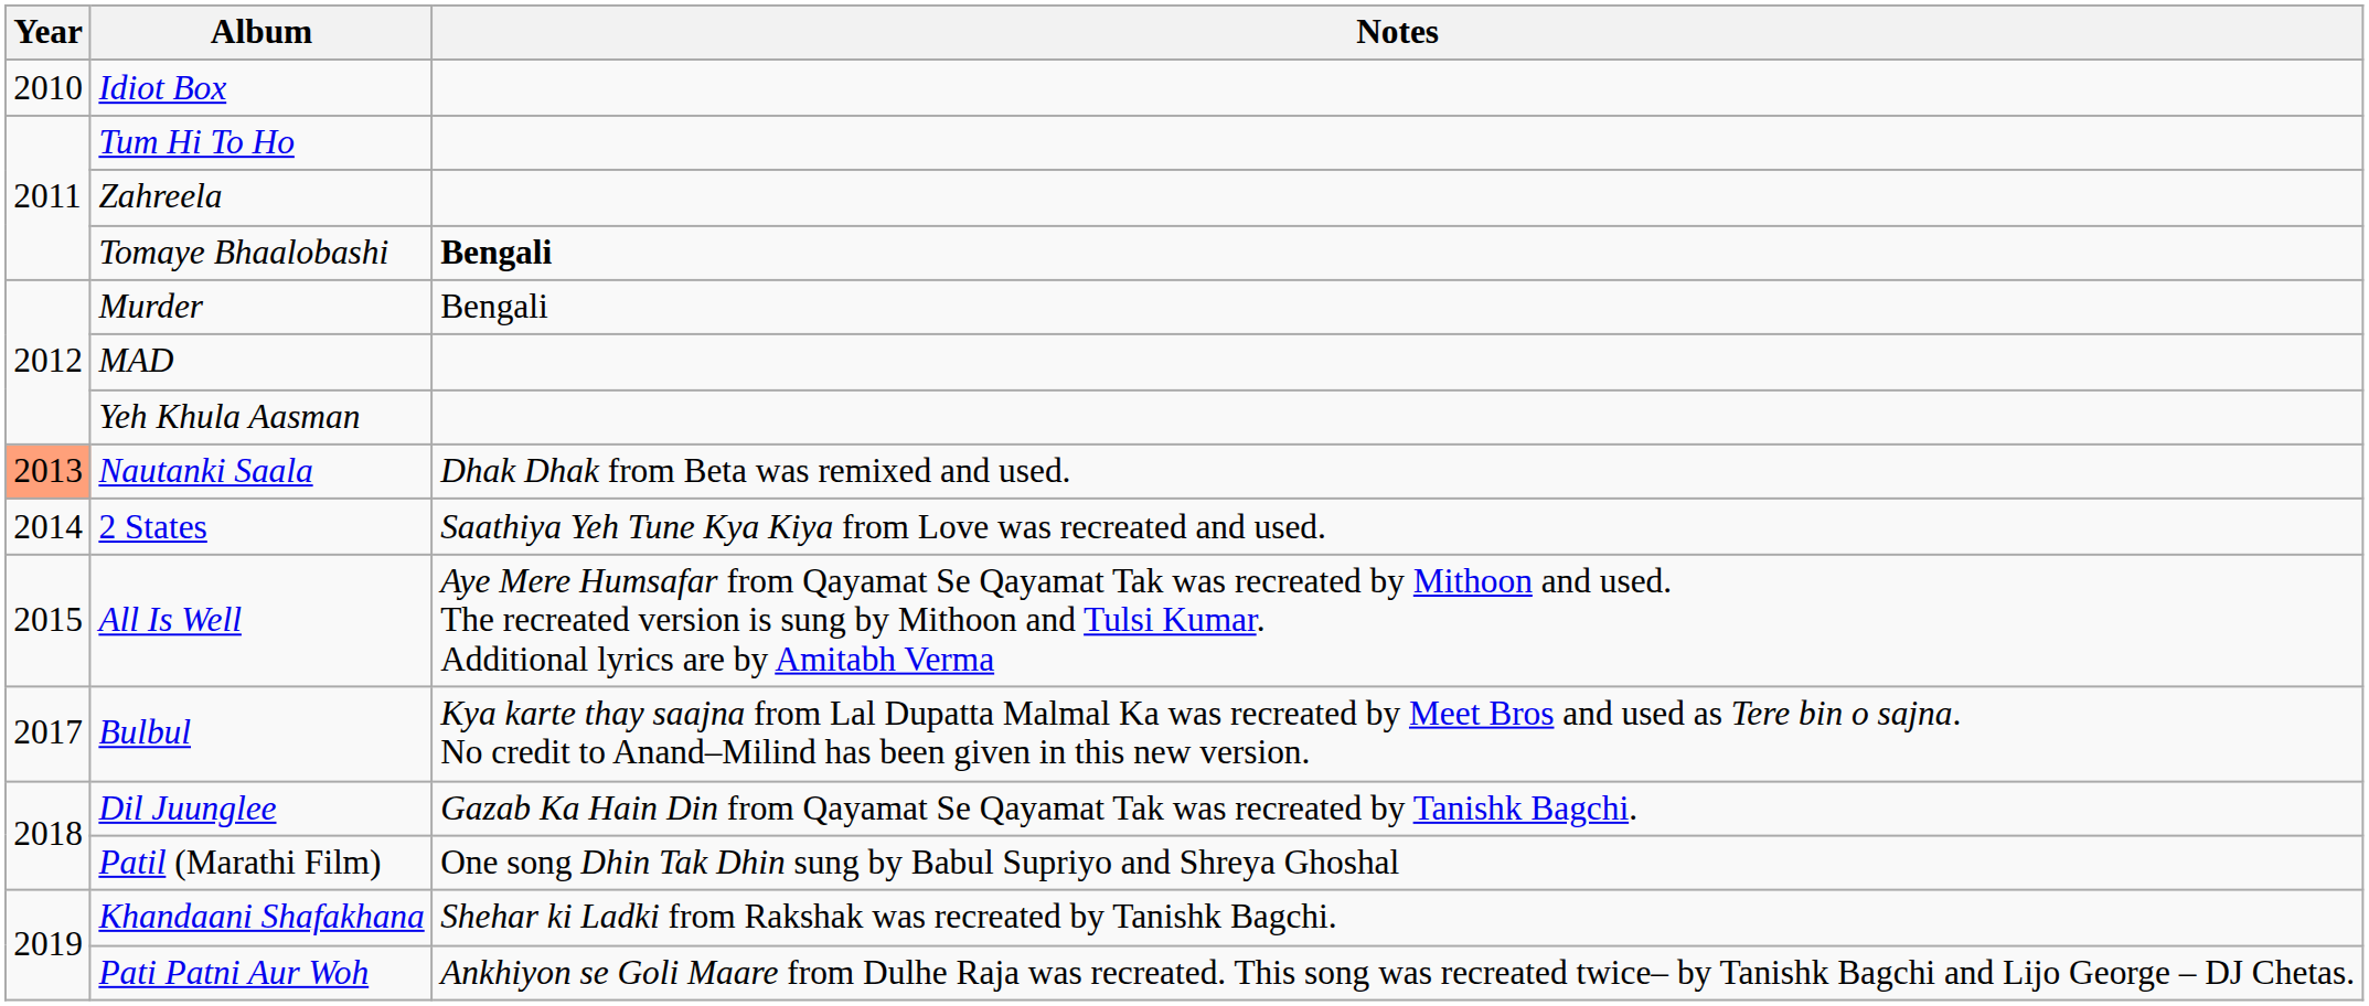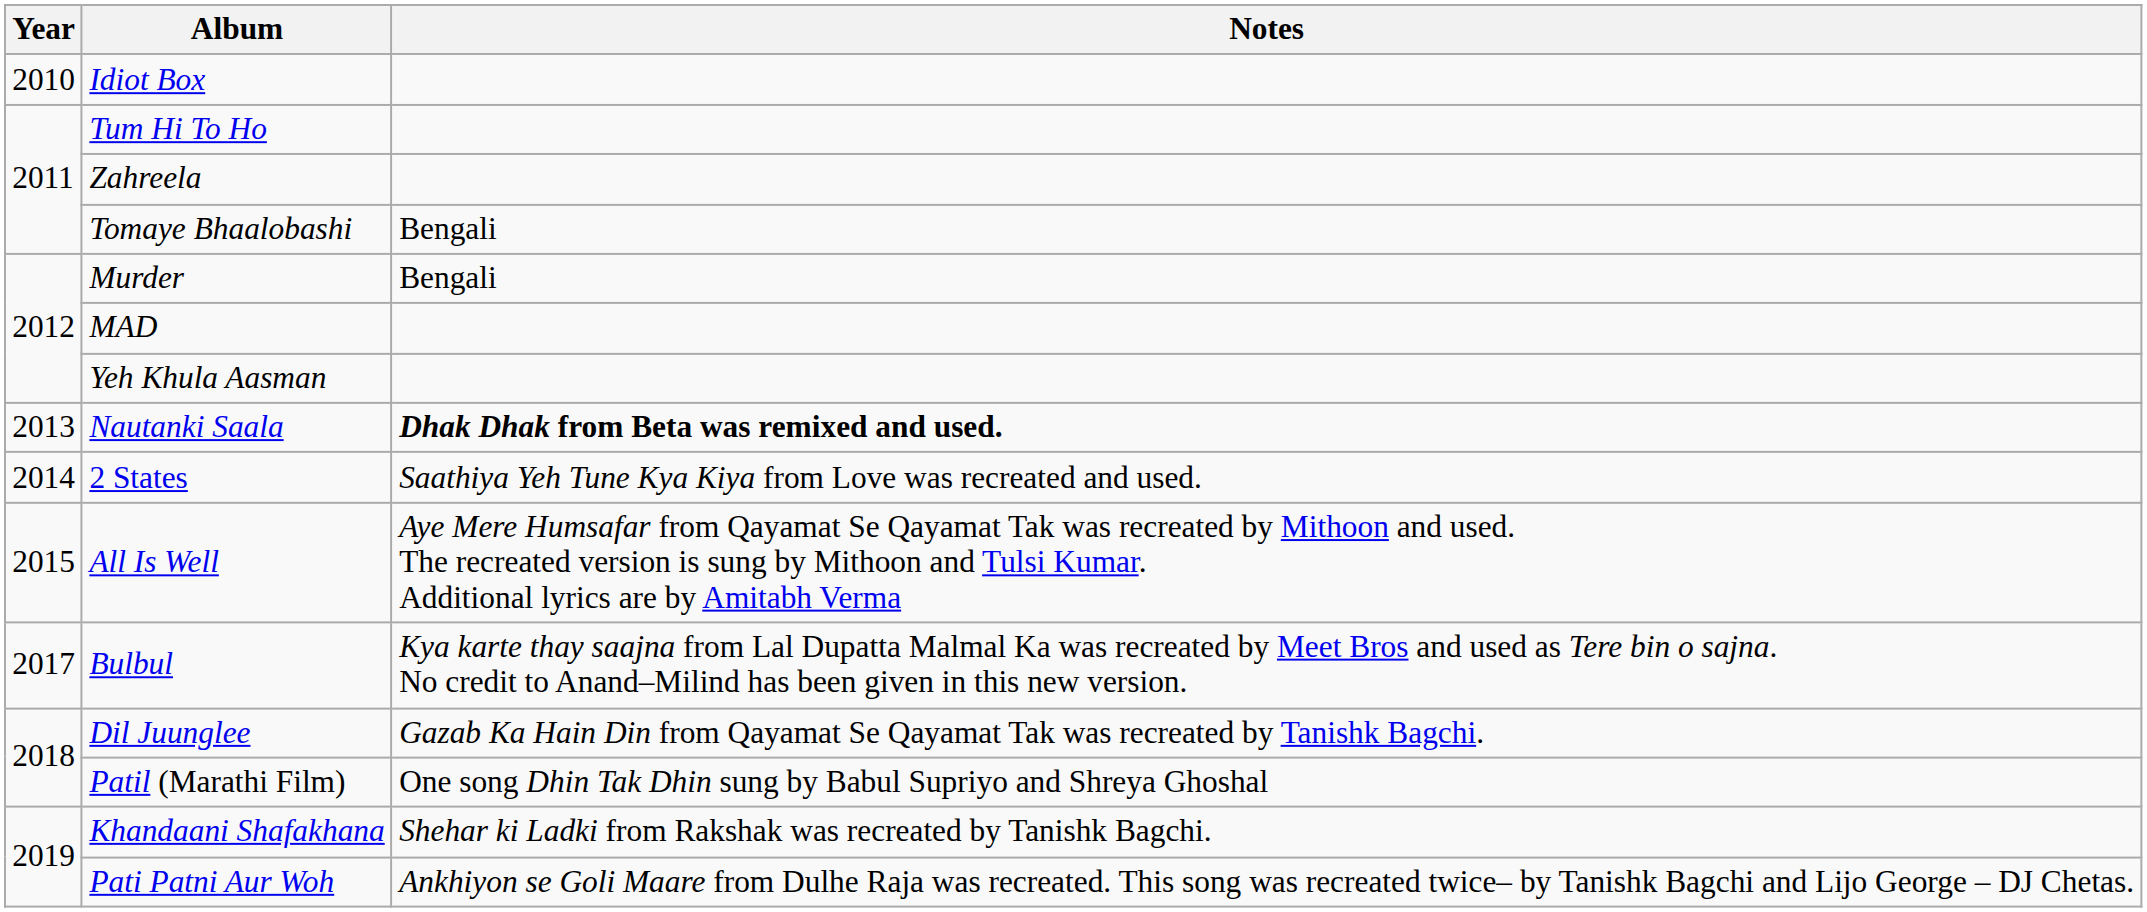 <table class="wikitable sortable">
 <tr>
 <th>Year</th>
 <th>Album</th>
 <th>Notes</th>
 </tr>
 <tr>
 <td>2010</td>
 <td><em><a href='#'>Idiot Box</a></em></td>
 <td></td>
 </tr>
 <tr>
 <td rowspan="3">2011</td>
 <td><em><a href='#'>Tum Hi To Ho</a></em></td>
 <td></td>
 </tr>
 <tr>
 <td><em>Zahreela</em></td>
 <td></td>
 </tr>
 <tr>
 <td><em>Tomaye Bhaalobashi</em></td>
-<td><strong>Bengali</strong></td>
+<td>Bengali</td>
 </tr>
 <tr>
 <td rowspan= 3>2012</td>
 <td><em>Murder</em></td>
 <td>Bengali</td>
 </tr>
 <tr>
 <td><em>MAD</em></td>
 <td></td>
 </tr>
 <tr>
 <td><em>Yeh Khula Aasman</em></td>
 <td></td>
 </tr>
 <tr>
-<td style="background: lightsalmon;">2013</td>
+<td>2013</td>
 <td><em><a href='#'>Nautanki Saala</a></em></td>
-<td><em>Dhak Dhak</em> from Beta was remixed and used.</td>
+<td><strong><em>Dhak Dhak</em> from Beta was remixed and used.</strong></td>
 </tr>
 <tr>
 <td>2014</td>
 <td><em><a href='#'></em>2 States<em></a></em></td>
 <td><em>Saathiya Yeh Tune Kya Kiya</em> from Love was recreated and used.</td>
 </tr>
 <tr>
 <td>2015</td>
 <td><em><a href='#'>All Is Well</a></em></td>
 <td><em>Aye Mere Humsafar</em> from Qayamat Se Qayamat Tak was recreated by <a href='#'>Mithoon</a> and used. <br>The recreated version is sung by Mithoon and <a href='#'>Tulsi Kumar</a>. <br> Additional lyrics are by <a href='#'>Amitabh Verma</a></td>
 </tr>
 <tr>
 <td>2017</td>
 <td><em><a href='#'>Bulbul</a></em></td>
 <td><em>Kya karte thay saajna</em> from Lal Dupatta Malmal Ka was recreated by <a href='#'>Meet Bros</a> and used as <em>Tere bin o sajna</em>. <br> No credit to Anand–Milind has been given in this new version.</td>
 </tr>
 <tr>
 <td rowspan="2">2018</td>
 <td><em><a href='#'>Dil Juunglee</a></em></td>
 <td><em>Gazab Ka Hain Din</em> from Qayamat Se Qayamat Tak was recreated by <a href='#'>Tanishk Bagchi</a>.</td>
 </tr>
 <tr>
 <td><a href='#'><em>Patil</em></a> (Marathi Film)</td>
 <td>One song <em>Dhin Tak Dhin</em> sung by Babul Supriyo and Shreya Ghoshal</td>
 </tr>
 <tr>
 <td rowspan="2">2019</td>
 <td><em><a href='#'>Khandaani Shafakhana</a></em></td>
 <td><em>Shehar ki Ladki</em> from Rakshak was recreated by Tanishk Bagchi.</td>
 </tr>
 <tr>
 <td><em><a href='#'>Pati Patni Aur Woh</a></em></td>
 <td><em>Ankhiyon se Goli Maare</em> from Dulhe Raja was recreated. This song was recreated twice– by Tanishk Bagchi and Lijo George – DJ Chetas.</td>
 </tr>
 </table>
